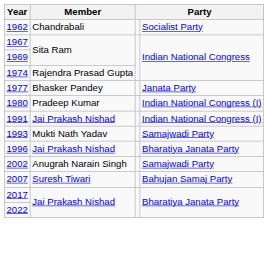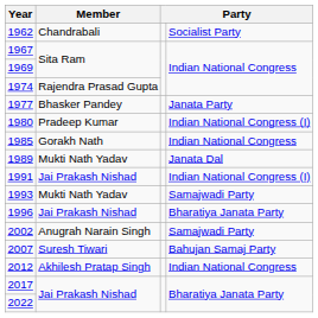 <table class="wikitable">
 <tr>
 <th>Year</th>
 <th>Member</th>
 <th colspan="2">Party</th>
 </tr>
 <tr>
 <td><a href='#'>1962</a></td>
 <td>Chandrabali</td>
 <td style="background-color: "></td>
 <td><a href='#'>Socialist Party</a></td>
 </tr>
 <tr>
 <td><a href='#'>1967</a></td>
 <td rowspan="2">Sita Ram</td>
 <td rowspan="3" style="background-color: "></td>
 <td rowspan="3"><a href='#'>Indian National Congress</a></td>
 </tr>
 <tr>
 <td><a href='#'>1969</a></td>
 </tr>
 <tr>
 <td><a href='#'>1974</a></td>
 <td>Rajendra Prasad Gupta</td>
 </tr>
 <tr>
 <td><a href='#'>1977</a></td>
 <td>Bhasker Pandey</td>
 <td style="background-color: "></td>
 <td><a href='#'>Janata Party</a></td>
 </tr>
 <tr>
 <td><a href='#'>1980</a></td>
 <td>Pradeep Kumar</td>
 <td style="background-color: "></td>
 <td><a href='#'>Indian National Congress (I)</a></td>
 </tr>
 <tr>
+<td><a href='#'>1985</a></td>
+<td>Gorakh Nath</td>
+<td style="background-color: "></td>
+<td><a href='#'>Indian National Congress</a></td>
+</tr>
+<tr>
+<td><a href='#'>1989</a></td>
+<td>Mukti Nath Yadav</td>
+<td style="background-color: "></td>
+<td><a href='#'>Janata Dal</a></td>
+</tr>
+<tr>
 <td><a href='#'>1991</a></td>
 <td><a href='#'>Jai Prakash Nishad</a></td>
 <td style="background-color: "></td>
 <td><a href='#'>Indian National Congress (I)</a></td>
 </tr>
 <tr>
 <td><a href='#'>1993</a></td>
 <td>Mukti Nath Yadav</td>
 <td style="background-color: "></td>
 <td><a href='#'>Samajwadi Party</a></td>
 </tr>
 <tr>
 <td><a href='#'>1996</a></td>
 <td><a href='#'>Jai Prakash Nishad</a></td>
 <td style="background-color: "></td>
 <td><a href='#'>Bharatiya Janata Party</a></td>
 </tr>
 <tr>
 <td><a href='#'>2002</a></td>
 <td>Anugrah Narain Singh</td>
 <td style="background-color: "></td>
 <td><a href='#'>Samajwadi Party</a></td>
 </tr>
 <tr>
 <td><a href='#'>2007</a></td>
 <td><a href='#'>Suresh Tiwari</a></td>
 <td style="background-color: "></td>
 <td><a href='#'>Bahujan Samaj Party</a></td>
 </tr>
 <tr>
+<td><a href='#'>2012</a></td>
+<td><a href='#'>Akhilesh Pratap Singh</a></td>
+<td style="background-color: "></td>
+<td><a href='#'>Indian National Congress</a></td>
+</tr>
+<tr>
 <td><a href='#'>2017</a></td>
 <td rowspan="2"><a href='#'>Jai Prakash Nishad</a></td>
 <td rowspan="2" style="background-color: "></td>
 <td rowspan="2"><a href='#'>Bharatiya Janata Party</a></td>
 </tr>
 <tr>
 <td><a href='#'>2022</a></td>
 </tr>
 </table>
